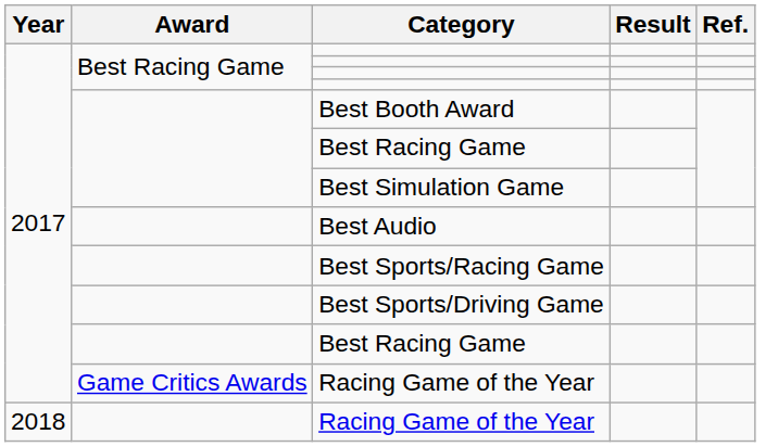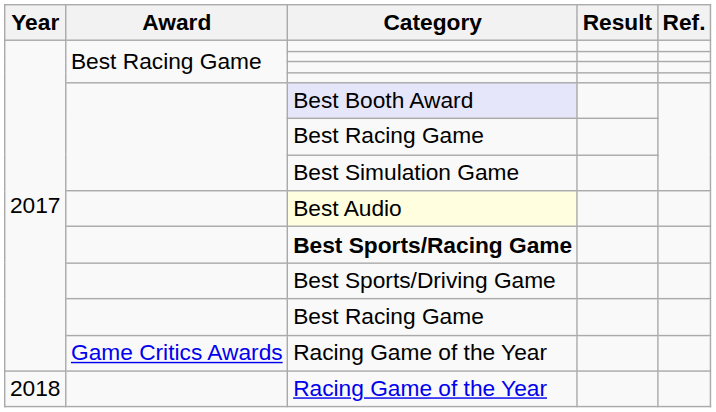 <table class="wikitable sortable">
 <tr>
 <th>Year</th>
 <th>Award</th>
 <th>Category</th>
 <th>Result</th>
 <th>Ref.</th>
 </tr>
 <tr>
 <td align="center" rowspan="12">2017</td>
 <td rowspan="4">Best Racing Game</td>
 <td></td>
 <td></td>
 <td align="center"></td>
 </tr>
 <tr>
 <td></td>
 <td></td>
 <td align="center"></td>
 </tr>
 <tr>
 <td></td>
 <td></td>
 <td align="center"></td>
 </tr>
 <tr>
 <td></td>
 <td></td>
 <td align="center"></td>
 </tr>
 <tr>
 <td rowspan="3"></td>
-<td>Best Booth Award</td>
+<td style="background: lavender;">Best Booth Award</td>
 <td></td>
 <td rowspan="3" align="center"></td>
 </tr>
 <tr>
 <td>Best Racing Game</td>
 <td></td>
 </tr>
 <tr>
 <td>Best Simulation Game</td>
 <td></td>
 </tr>
 <tr>
 <td></td>
-<td>Best Audio</td>
+<td style="background: lightyellow;">Best Audio</td>
 <td></td>
 <td align="center"></td>
 </tr>
 <tr>
 <td></td>
-<td>Best Sports/Racing Game</td>
+<td><strong>Best Sports/Racing Game</strong></td>
 <td></td>
 <td align="center"></td>
 </tr>
 <tr>
 <td></td>
 <td>Best Sports/Driving Game</td>
 <td></td>
 <td align="center"></td>
 </tr>
 <tr>
 <td></td>
 <td>Best Racing Game</td>
 <td></td>
 <td align="center"></td>
 </tr>
 <tr>
 <td><a href='#'>Game Critics Awards</a></td>
 <td>Racing Game of the Year</td>
 <td></td>
 <td></td>
 </tr>
 <tr>
 <td align="center">2018</td>
 <td></td>
 <td><a href='#'>Racing Game of the Year</a></td>
 <td></td>
 <td align="center"></td>
 </tr>
 </table>
